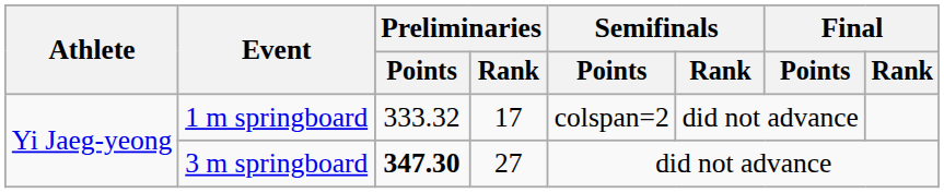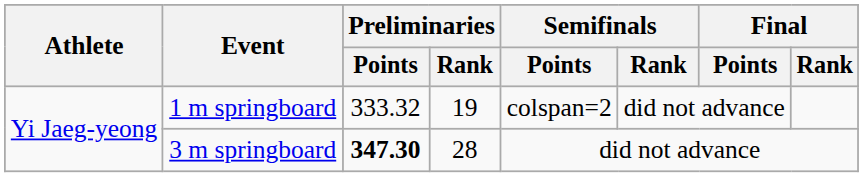 <table class="wikitable" style="text-align:center; font-size:90%">
 <tr>
 <th rowspan="2">Athlete</th>
 <th rowspan="2">Event</th>
 <th colspan="2">Preliminaries</th>
 <th colspan="2">Semifinals</th>
 <th colspan="2">Final</th>
 </tr>
 <tr style="font-size:95%">
 <th>Points</th>
 <th>Rank</th>
 <th>Points</th>
 <th>Rank</th>
 <th>Points</th>
 <th>Rank</th>
 </tr>
 <tr>
 <td align=left rowspan=2><a href='#'>Yi Jaeg-yeong</a></td>
 <td align=left><a href='#'>1 m springboard</a></td>
 <td>333.32</td>
-<td>17</td>
+<td>19</td>
 <td>colspan=2 </td>
 <td colspan=2>did not advance</td>
 </tr>
 <tr>
 <td align=left><a href='#'>3 m springboard</a></td>
 <td><strong>347.30</strong></td>
-<td>27</td>
+<td>28</td>
 <td colspan=4>did not advance</td>
 </tr>
 </table>
